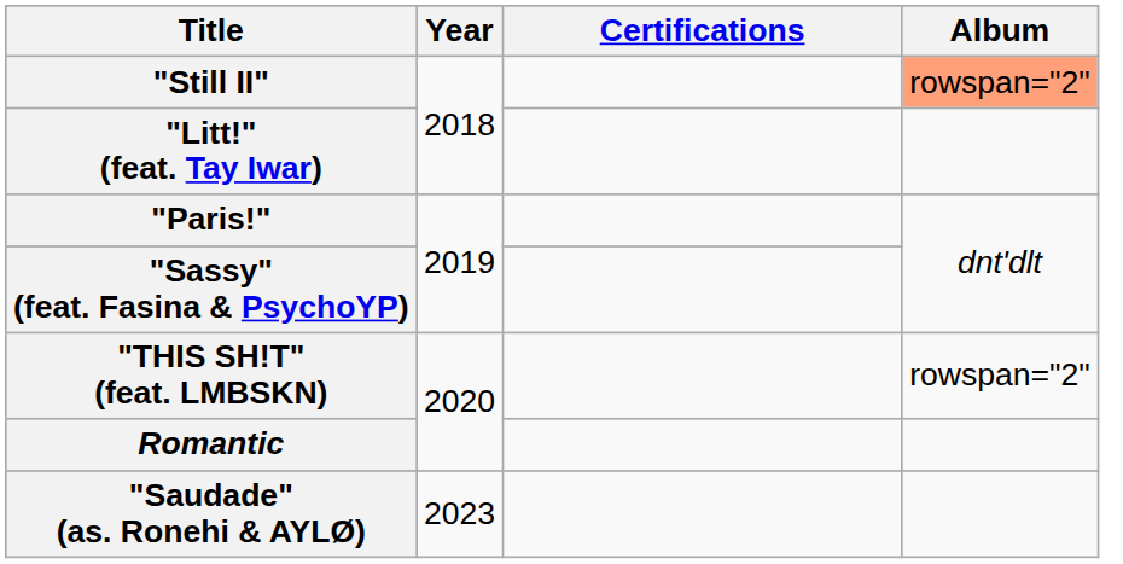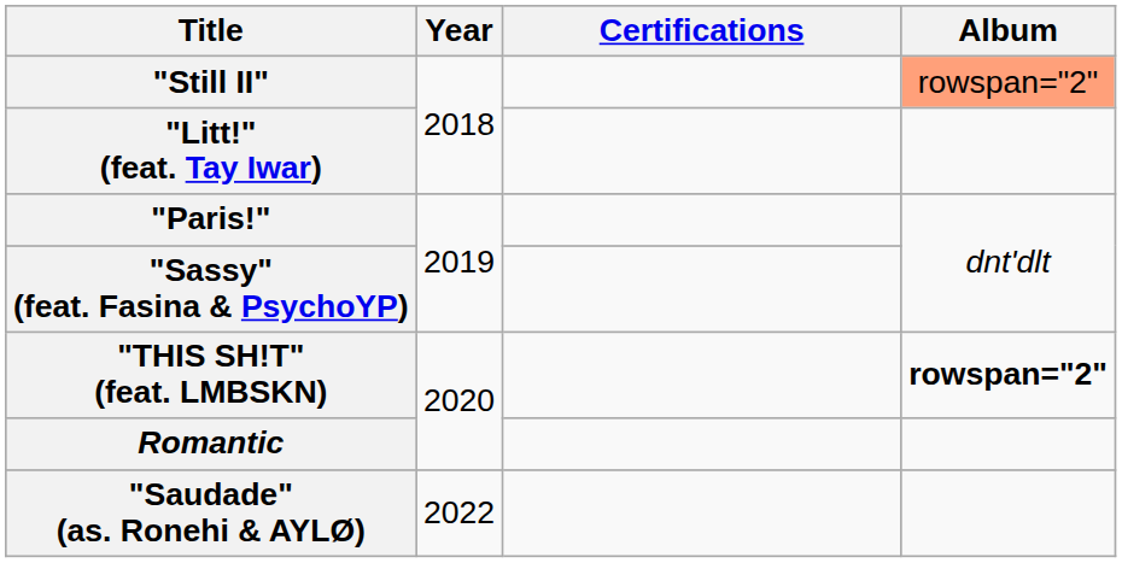 <table class="wikitable plainrowheaders" style="text-align:center;">
 <tr>
 <th scope="col" rowspan="1">Title</th>
 <th scope="col" rowspan="1">Year</th>
 <th scope="col" rowspan="1" style="width:12em;"><a href='#'>Certifications</a></th>
 <th scope="col" rowspan="1">Album</th>
 </tr>
 <tr>
 <th scope="row">"Still II"</th>
 <td rowspan="2">2018</td>
 <td></td>
 <td style="background: lightsalmon;">rowspan="2" <em></em></td>
 </tr>
 <tr>
 <th scope="row">"Litt!"<br>(feat. <a href='#'>Tay Iwar</a>)</th>
 <td></td>
 </tr>
 <tr>
 <th scope="row">"Paris!"</th>
 <td rowspan="2">2019</td>
 <td></td>
 <td rowspan="2"><em>dnt'dlt</em></td>
 </tr>
 <tr>
 <th scope="row">"Sassy"<br>(feat. Fasina & <a href='#'>PsychoYP</a>)</th>
 <td></td>
 </tr>
 <tr>
 <th scope="row">"THIS SH!T"<br>(feat. LMBSKN)</th>
 <td rowspan="2">2020</td>
 <td></td>
-<td>rowspan="2" <em></em></td>
+<td><strong>rowspan="2" <em></em></strong></td>
 </tr>
 <tr>
 <th scope="row"><em>Romantic</em></th>
 <td></td>
 </tr>
 <tr>
 <th scope="row">"Saudade"<br>(as. Ronehi & AYLØ)</th>
-<td rowspan="1">2023</td>
+<td rowspan="1">2022</td>
 <td></td>
 <td></td>
 </tr>
 </table>
